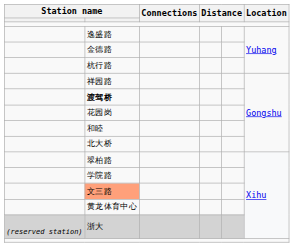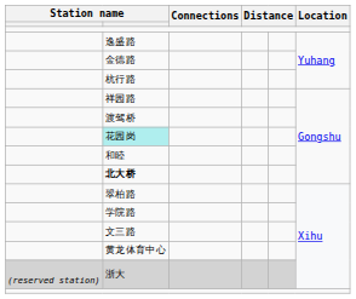 <table class="wikitable">
 <tr>
 <th colspan="2">Station name</th>
 <th rowspan="2">Connections</th>
 <th colspan="2" rowspan="2">Distance<br></th>
 <th rowspan="2">Location</th>
 </tr>
 <tr>
 <th></th>
 <th></th>
 </tr>
 <tr style="background:#">
 <td colspan="6"></td>
 </tr>
 <tr>
 <td></td>
 <td><span>逸盛路</span></td>
 <td></td>
 <td></td>
 <td></td>
 <td rowspan="3"><a href='#'>Yuhang</a></td>
 </tr>
 <tr>
 <td></td>
 <td><span>金德路</span></td>
 <td></td>
 <td></td>
 <td></td>
 </tr>
 <tr>
 <td></td>
 <td><span>杭行路</span></td>
 <td></td>
 <td></td>
 <td></td>
 </tr>
 <tr>
 <td></td>
 <td><span>祥园路</span></td>
 <td></td>
 <td></td>
 <td></td>
 <td rowspan="5"><a href='#'>Gongshu</a></td>
 </tr>
 <tr>
 <td></td>
-<td><strong><span>渡驾桥</span></strong></td>
+<td><span>渡驾桥</span></td>
 <td></td>
 <td></td>
 <td></td>
 </tr>
 <tr>
 <td></td>
-<td><span>花园岗</span></td>
+<td style="background: paleturquoise;"><span>花园岗</span></td>
 <td></td>
 <td></td>
 <td></td>
 </tr>
 <tr>
 <td></td>
 <td><span>和睦</span></td>
 <td></td>
 <td></td>
 <td></td>
 </tr>
 <tr>
 <td></td>
-<td><span>北大桥</span></td>
+<td><strong><span>北大桥</span></strong></td>
 <td></td>
 <td></td>
 <td></td>
 </tr>
 <tr>
 <td></td>
 <td><span>翠柏路</span></td>
 <td></td>
 <td></td>
 <td></td>
 <td style="background:#f8f9fa;" rowspan="5"><a href='#'>Xihu</a></td>
 </tr>
 <tr>
 <td></td>
 <td><span>学院路</span></td>
 <td></td>
 <td></td>
 <td></td>
 </tr>
 <tr>
 <td></td>
-<td style="background: lightsalmon;"><span>文三路</span></td>
+<td><span>文三路</span></td>
 <td></td>
 <td></td>
 <td></td>
 </tr>
 <tr>
 <td></td>
 <td><span>黄龙体育中心</span></td>
 <td></td>
 <td></td>
 <td></td>
 </tr>
 <tr bgcolor="lightgrey">
 <td><em></em><br><small><em>(reserved station)</em></small></td>
 <td><span>浙大</span></td>
 <td></td>
 <td></td>
 <td></td>
 </tr>
 <tr style="background:#">
 <td colspan="6"></td>
 </tr>
 </table>
